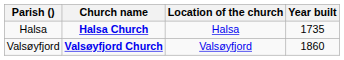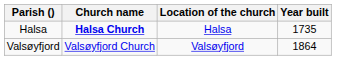 <table class="wikitable" style="text-align:center">
 <tr>
 <th>Parish ()</th>
 <th>Church name</th>
 <th>Location of the church</th>
 <th>Year built</th>
 </tr>
 <tr>
 <td>Halsa</td>
 <td><strong><a href='#'>Halsa Church</a></strong></td>
 <td><a href='#'>Halsa</a></td>
 <td>1735</td>
 </tr>
 <tr>
 <td>Valsøyfjord</td>
-<td><strong><a href='#'>Valsøyfjord Church</a></strong></td>
+<td><a href='#'>Valsøyfjord Church</a></td>
 <td><a href='#'>Valsøyfjord</a></td>
-<td>1860</td>
+<td>1864</td>
 </tr>
 </table>
